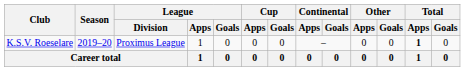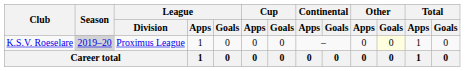 <table class="wikitable" style="text-align: center">
 <tr>
 <th rowspan="2">Club</th>
 <th rowspan="2">Season</th>
 <th colspan="3">League</th>
 <th colspan="2">Cup</th>
 <th colspan="2">Continental</th>
 <th colspan="2">Other</th>
 <th colspan="2">Total</th>
 </tr>
 <tr>
 <th>Division</th>
 <th>Apps</th>
 <th>Goals</th>
 <th>Apps</th>
 <th>Goals</th>
 <th>Apps</th>
 <th>Goals</th>
 <th>Apps</th>
 <th>Goals</th>
 <th>Apps</th>
 <th>Goals</th>
 </tr>
 <tr>
 <td><a href='#'>K.S.V. Roeselare</a></td>
-<td><a href='#'>2019–20</a></td>
+<td style="background: lightgrey;"><a href='#'>2019–20</a></td>
 <td><a href='#'>Proximus League</a></td>
 <td>1</td>
 <td>0</td>
 <td>0</td>
 <td>0</td>
 <td colspan="2">–</td>
 <td>0</td>
-<td>0</td>
-<td><strong>1</strong></td>
+<td style="background: lightyellow;">0</td>
+<td>1</td>
 <td>0</td>
 </tr>
 <tr>
 <th colspan="3"><strong>Career total</strong></th>
 <th>1</th>
 <th>0</th>
 <th>0</th>
 <th>0</th>
 <th>0</th>
 <th>0</th>
 <th>0</th>
 <th>0</th>
 <th>1</th>
 <th>0</th>
 </tr>
 </table>
